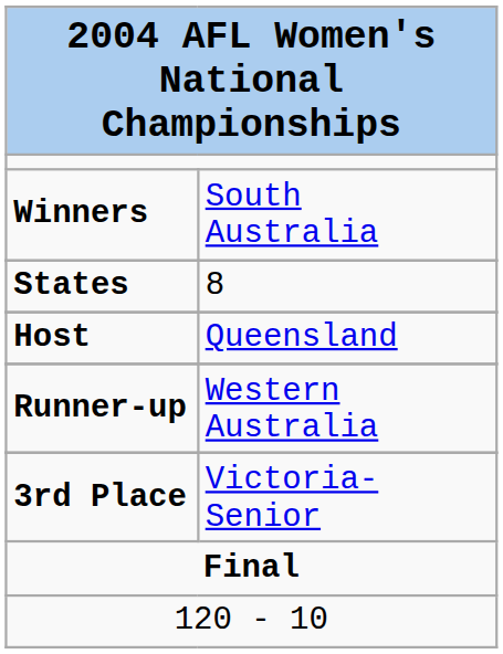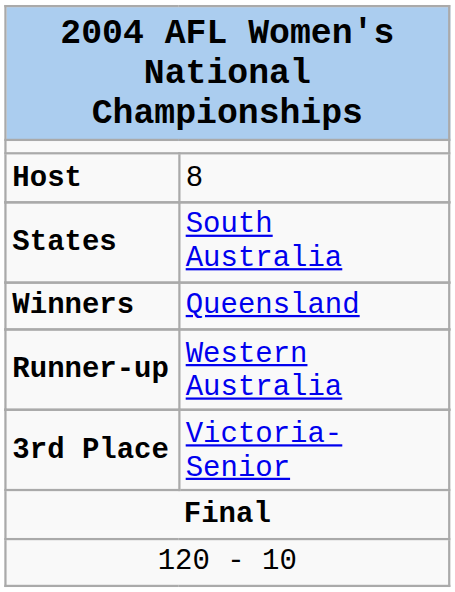 <table class="wikitable" align="right" width="200" style="margin-left:0.3em">
 <tr>
 <th style="background:#ABCDEF" align="center" colspan="2"><big>2004 AFL Women's National Championships</big></th>
 </tr>
 <tr>
 <td colspan="2" style="text-align: center;"></td>
 </tr>
 <tr>
-<td><strong>Winners</strong></td>
+<td><strong>Host</strong></td>
+<td>8</td>
+</tr>
+<tr style="text-align:center;">
+</tr>
+<tr>
+<td><strong>States</strong></td>
 <td><a href='#'>South Australia</a></td>
 </tr>
 <tr style="text-align:center;">
 </tr>
 <tr>
-<td><strong>States</strong></td>
-<td>8</td>
-</tr>
-<tr style="text-align:center;">
-</tr>
-<tr>
-<td><strong>Host</strong></td>
+<td><strong>Winners</strong></td>
 <td><a href='#'>Queensland</a></td>
 </tr>
 <tr style="text-align:center;">
 </tr>
 <tr>
 <td><strong>Runner-up</strong></td>
 <td><a href='#'>Western Australia</a></td>
 </tr>
 <tr style="text-align:center;">
 </tr>
 <tr>
 <td><strong>3rd Place</strong></td>
 <td><a href='#'>Victoria-Senior</a></td>
 </tr>
 <tr style="text-align:center;">
 <td colspan="2"><strong>Final</strong></td>
 </tr>
 <tr style="text-align:center;">
 <td colspan="2">120 - 10</td>
 </tr>
 </table>
